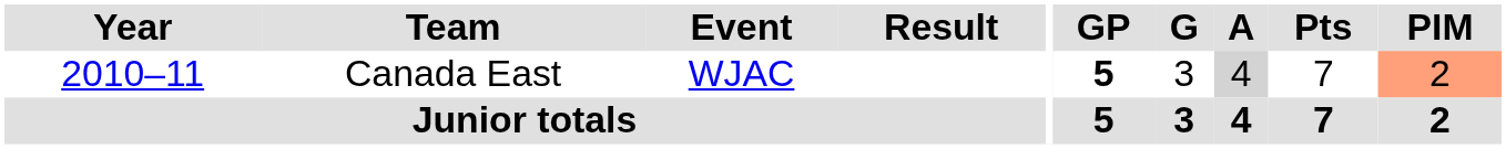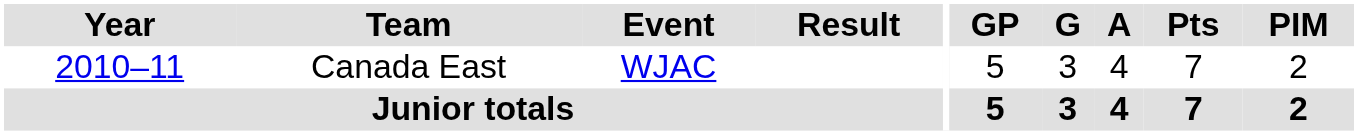 <table border="0" cellpadding="1" cellspacing="0" ID="Table3" style="text-align:center; width:40em;">
 <tr bgcolor="#e0e0e0">
 <th>Year</th>
 <th>Team</th>
 <th>Event</th>
 <th>Result</th>
 <th rowspan="99" bgcolor="#ffffff"></th>
 <th>GP</th>
 <th>G</th>
 <th>A</th>
 <th>Pts</th>
 <th>PIM</th>
 </tr>
 <tr>
 <td><a href='#'>2010–11</a></td>
 <td>Canada East</td>
 <td><a href='#'>WJAC</a></td>
 <td></td>
-<td><strong>5</strong></td>
+<td>5</td>
 <td>3</td>
-<td style="background: lightgrey;">4</td>
+<td>4</td>
 <td>7</td>
-<td style="background: lightsalmon;">2</td>
+<td>2</td>
 </tr>
 <tr bgcolor="#e0e0e0">
 <th colspan="4">Junior totals</th>
 <th>5</th>
 <th>3</th>
 <th>4</th>
 <th>7</th>
 <th>2</th>
 </tr>
 </table>
